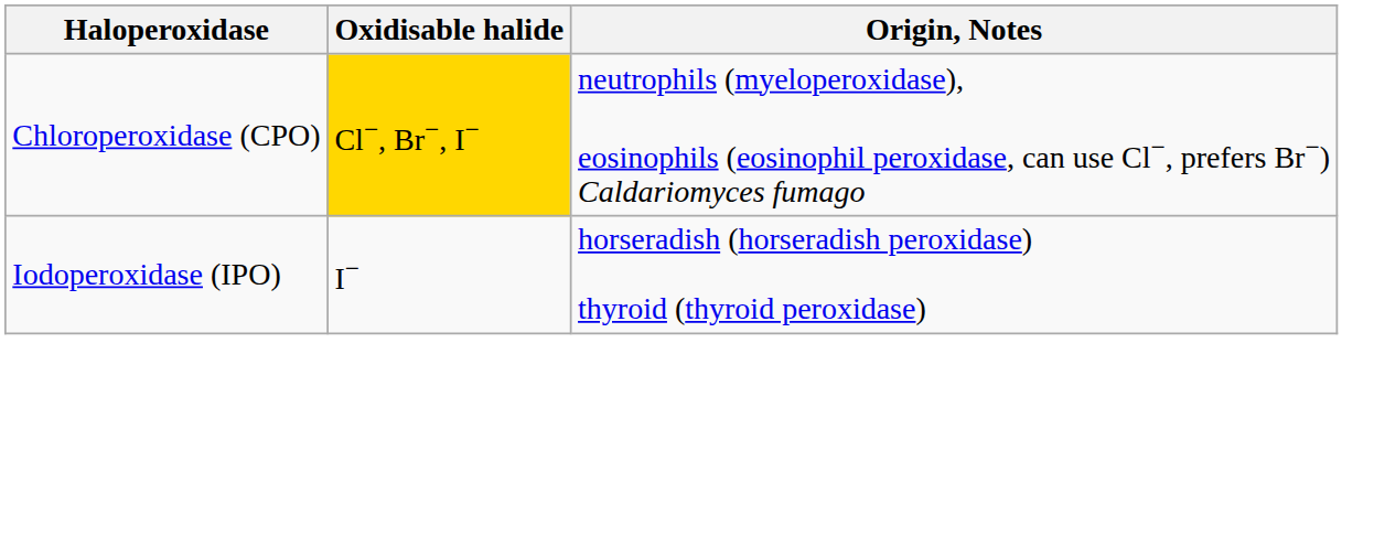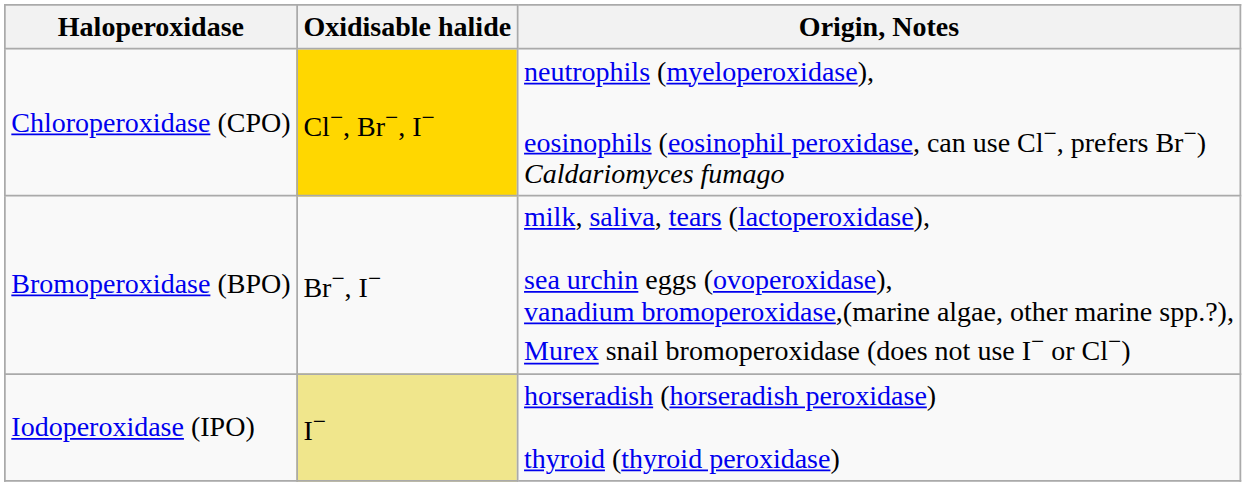 <table class="wikitable" border="1">
 <tr>
 <th>Haloperoxidase</th>
 <th>Oxidisable halide</th>
 <th>Origin, Notes</th>
 </tr>
 <tr>
 <td><a href='#'>Chloroperoxidase</a> (CPO)</td>
 <td style="background: gold;">Cl<sup>−</sup>, Br<sup>−</sup>, I<sup>−</sup></td>
 <td><a href='#'>neutrophils</a> (<a href='#'>myeloperoxidase</a>),<br><br><a href='#'>eosinophils</a> (<a href='#'>eosinophil peroxidase</a>, can use Cl<sup>−</sup>, prefers Br<sup>−</sup>)<br> <em>Caldariomyces fumago</em></td>
 </tr>
 <tr>
+<td><a href='#'>Bromoperoxidase</a> (BPO)</td>
+<td>Br<sup>−</sup>, I<sup>−</sup></td>
+<td><a href='#'>milk</a>, <a href='#'>saliva</a>, <a href='#'>tears</a> (<a href='#'>lactoperoxidase</a>),<br><br><a href='#'>sea urchin</a> eggs (<a href='#'>ovoperoxidase</a>),<br> <a href='#'>vanadium bromoperoxidase</a>,(marine algae, other marine spp.?),<br> <a href='#'>Murex</a> snail bromoperoxidase (does not use I<sup>−</sup> or Cl<sup>−</sup>)</td>
+</tr>
+<tr>
 <td><a href='#'>Iodoperoxidase</a> (IPO)</td>
-<td>I<sup>−</sup></td>
+<td style="background: khaki;">I<sup>−</sup></td>
 <td><a href='#'>horseradish</a> (<a href='#'>horseradish peroxidase</a>)<br><br><a href='#'>thyroid</a> (<a href='#'>thyroid peroxidase</a>)</td>
 </tr>
 </table>
